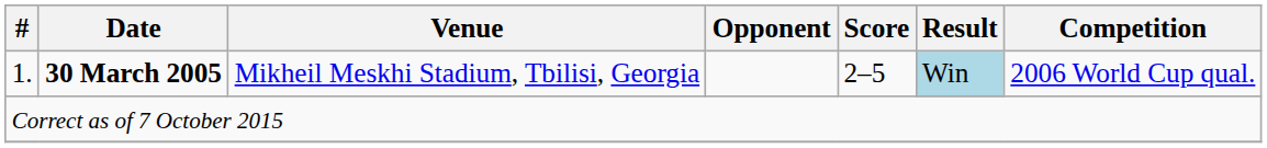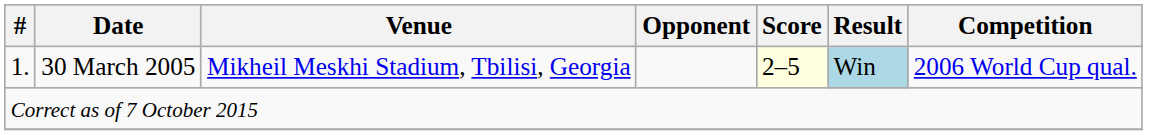 <table class="wikitable" style="font-size:95%;">
 <tr>
 <th>#</th>
 <th>Date</th>
 <th>Venue</th>
 <th>Opponent</th>
 <th>Score</th>
 <th>Result</th>
 <th>Competition</th>
 </tr>
 <tr>
 <td>1.</td>
-<td><strong>30 March 2005</strong></td>
+<td>30 March 2005</td>
 <td><a href='#'>Mikheil Meskhi Stadium</a>, <a href='#'>Tbilisi</a>, <a href='#'>Georgia</a></td>
 <td></td>
-<td>2–5</td>
+<td style="background: lightyellow;">2–5</td>
 <td style="background: lightblue;">Win</td>
 <td><a href='#'>2006 World Cup qual.</a></td>
 </tr>
 <tr>
 <td colspan="12"><small><em>Correct as of 7 October 2015</em></small></td>
 </tr>
 <tr>
 </tr>
 </table>
